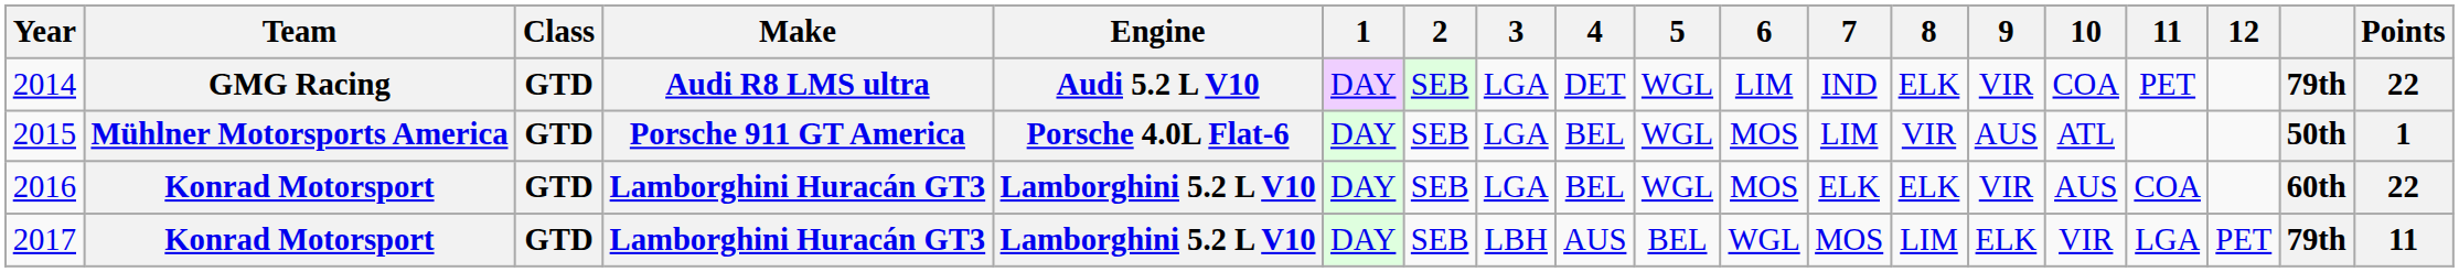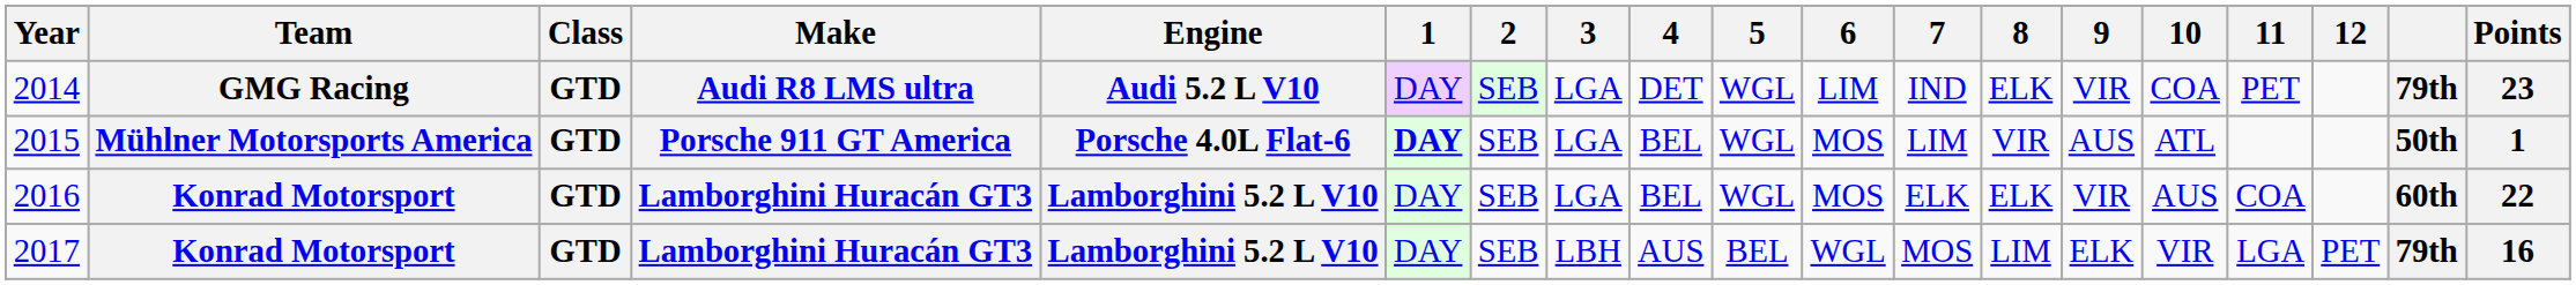 <table class="wikitable" style="text-align:center; font-size:90%">
 <tr>
 <th>Year</th>
 <th>Team</th>
 <th>Class</th>
 <th>Make</th>
 <th>Engine</th>
 <th>1</th>
 <th>2</th>
 <th>3</th>
 <th>4</th>
 <th>5</th>
 <th>6</th>
 <th>7</th>
 <th>8</th>
 <th>9</th>
 <th>10</th>
 <th>11</th>
 <th>12</th>
 <th></th>
 <th>Points</th>
 </tr>
 <tr>
 <td><a href='#'>2014</a></td>
 <th>GMG Racing</th>
 <th>GTD</th>
 <th><a href='#'>Audi R8 LMS ultra</a></th>
 <th><a href='#'>Audi</a> 5.2 L <a href='#'>V10</a></th>
 <td style="background:#EFCFFF;"><a href='#'>DAY</a><br></td>
 <td style="background:#DFFFDF;"><a href='#'>SEB</a><br></td>
 <td><a href='#'>LGA</a></td>
 <td><a href='#'>DET</a></td>
 <td><a href='#'>WGL</a></td>
 <td><a href='#'>LIM</a></td>
 <td><a href='#'>IND</a></td>
 <td><a href='#'>ELK</a></td>
 <td><a href='#'>VIR</a></td>
 <td><a href='#'>COA</a></td>
 <td><a href='#'>PET</a></td>
 <td></td>
 <th>79th</th>
-<th>22</th>
+<th>23</th>
 </tr>
 <tr>
 <td><a href='#'>2015</a></td>
 <th><a href='#'>Mühlner Motorsports America</a></th>
 <th>GTD</th>
 <th><a href='#'>Porsche 911 GT America</a></th>
 <th><a href='#'>Porsche</a> 4.0L <a href='#'>Flat-6</a></th>
-<td style="background:#DFFFDF;"><a href='#'>DAY</a><br></td>
+<td style="background:#DFFFDF;"><strong><a href='#'>DAY</a><br></strong></td>
 <td><a href='#'>SEB</a></td>
 <td style="background:#;”"><a href='#'>LGA</a></td>
 <td><a href='#'>BEL</a></td>
 <td><a href='#'>WGL</a></td>
 <td><a href='#'>MOS</a></td>
 <td><a href='#'>LIM</a></td>
 <td><a href='#'>VIR</a></td>
 <td><a href='#'>AUS</a></td>
 <td><a href='#'>ATL</a></td>
 <td></td>
 <td></td>
 <th>50th</th>
 <th>1</th>
 </tr>
 <tr>
 <td><a href='#'>2016</a></td>
 <th><a href='#'>Konrad Motorsport</a></th>
 <th>GTD</th>
 <th><a href='#'>Lamborghini Huracán GT3</a></th>
 <th><a href='#'>Lamborghini</a> 5.2 L <a href='#'>V10</a></th>
 <td style="background:#DFFFDF;"><a href='#'>DAY</a><br></td>
 <td><a href='#'>SEB</a></td>
 <td><a href='#'>LGA</a></td>
 <td><a href='#'>BEL</a></td>
 <td><a href='#'>WGL</a></td>
 <td><a href='#'>MOS</a></td>
 <td><a href='#'>ELK</a></td>
 <td><a href='#'>ELK</a></td>
 <td><a href='#'>VIR</a></td>
 <td><a href='#'>AUS</a></td>
 <td><a href='#'>COA</a></td>
 <td></td>
 <th>60th</th>
 <th>22</th>
 </tr>
 <tr>
 <td><a href='#'>2017</a></td>
 <th><a href='#'>Konrad Motorsport</a></th>
 <th>GTD</th>
 <th><a href='#'>Lamborghini Huracán GT3</a></th>
 <th><a href='#'>Lamborghini</a> 5.2 L <a href='#'>V10</a></th>
 <td style="background:#DFFFDF;"><a href='#'>DAY</a><br></td>
 <td><a href='#'>SEB</a></td>
 <td><a href='#'>LBH</a></td>
 <td><a href='#'>AUS</a></td>
 <td><a href='#'>BEL</a></td>
 <td><a href='#'>WGL</a></td>
 <td><a href='#'>MOS</a></td>
 <td><a href='#'>LIM</a></td>
 <td><a href='#'>ELK</a></td>
 <td><a href='#'>VIR</a></td>
 <td><a href='#'>LGA</a></td>
 <td><a href='#'>PET</a></td>
 <th>79th</th>
-<th>11</th>
+<th>16</th>
 </tr>
 </table>
